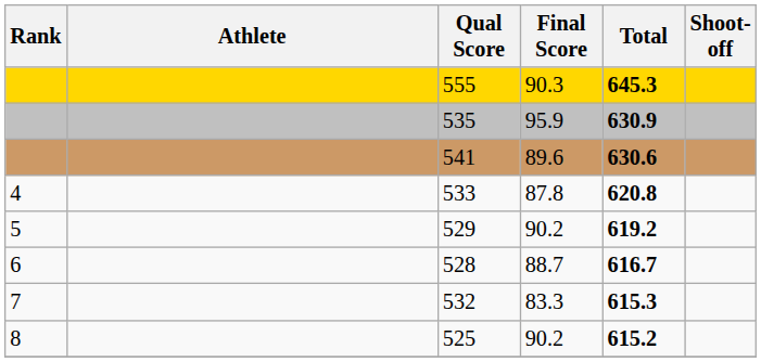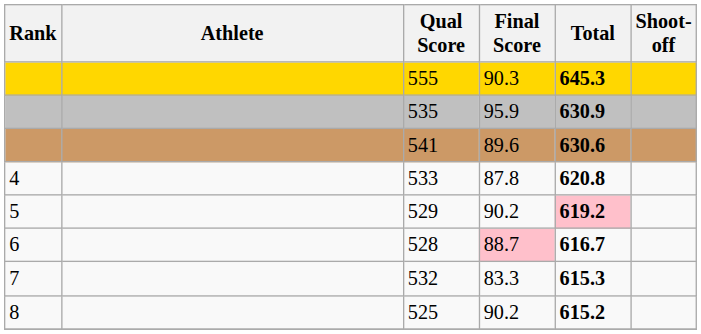 <table class="wikitable" style="font-size:95%" style="width:35em;" style="text-align:center">
 <tr>
 <th>Rank</th>
 <th width=250>Athlete</th>
 <th width=50>Qual Score</th>
 <th width=50>Final Score</th>
 <th width=50>Total</th>
 <th width=40>Shoot-off</th>
 </tr>
 <tr bgcolor=gold>
 <td></td>
 <td align=left></td>
 <td>555</td>
 <td>90.3</td>
 <td><strong>645.3</strong></td>
 <td></td>
 </tr>
 <tr bgcolor=silver>
 <td></td>
 <td align=left></td>
 <td>535</td>
 <td>95.9</td>
 <td><strong>630.9</strong></td>
 <td></td>
 </tr>
 <tr bgcolor=cc9966>
 <td></td>
 <td align=left></td>
 <td>541</td>
 <td>89.6</td>
 <td><strong>630.6</strong></td>
 <td></td>
 </tr>
 <tr>
 <td>4</td>
 <td align=left></td>
 <td>533</td>
 <td>87.8</td>
 <td><strong>620.8</strong></td>
 <td></td>
 </tr>
 <tr>
 <td>5</td>
 <td align=left></td>
 <td>529</td>
 <td>90.2</td>
-<td><strong>619.2</strong></td>
+<td style="background: pink;"><strong>619.2</strong></td>
 <td></td>
 </tr>
 <tr>
 <td>6</td>
 <td align=left></td>
 <td>528</td>
-<td>88.7</td>
+<td style="background: pink;">88.7</td>
 <td><strong>616.7</strong></td>
 <td></td>
 </tr>
 <tr>
 <td>7</td>
 <td align=left></td>
 <td>532</td>
 <td>83.3</td>
 <td><strong>615.3</strong></td>
 <td></td>
 </tr>
 <tr>
 <td>8</td>
 <td align=left></td>
 <td>525</td>
 <td>90.2</td>
 <td><strong>615.2</strong></td>
 <td></td>
 </tr>
 <tr>
 </tr>
 </table>
